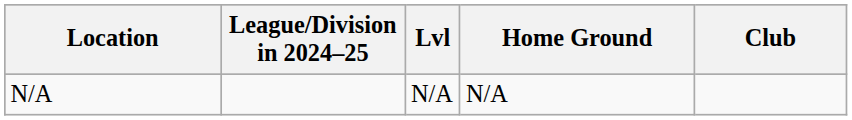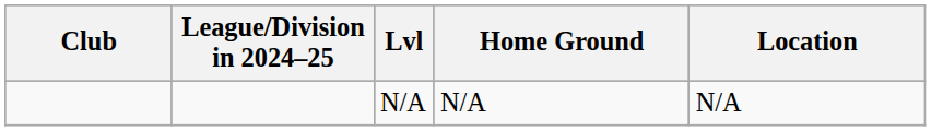 <table class="wikitable sortable" width=80% style="font-size:90%">
 <tr>
-<th width=24%><strong>Location</strong></th>
+<th width=17%><strong>Club</strong></th>
 <th width=10%><strong>League/Division in 2024–25</strong></th>
 <th width=3%><strong>Lvl</strong></th>
 <th width=26%><strong>Home Ground</strong></th>
-<th width=17%><strong>Club</strong></th>
+<th width=24%><strong>Location</strong></th>
 </tr>
 <tr>
-<td>N/A</td>
+<td></td>
 <td></td>
 <td>N/A</td>
 <td>N/A</td>
-<td></td>
+<td>N/A</td>
 </tr>
 </table>
